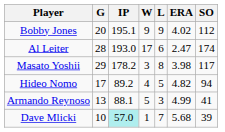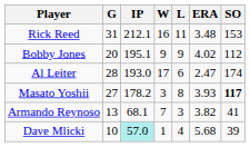 <table class="wikitable sortable">
 <tr>
 <th>Player</th>
 <th>G</th>
 <th>IP</th>
 <th>W</th>
 <th>L</th>
 <th>ERA</th>
 <th>SO</th>
+</tr>
+<tr align="center">
+<td><a href='#'>Rick Reed</a></td>
+<td>31</td>
+<td>212.1</td>
+<td>16</td>
+<td>11</td>
+<td>3.48</td>
+<td>153</td>
 </tr>
 <tr align=center>
 <td><a href='#'>Bobby Jones</a></td>
 <td>20</td>
 <td>195.1</td>
 <td>9</td>
 <td>9</td>
 <td>4.02</td>
 <td>112</td>
 </tr>
 <tr align=center>
 <td><a href='#'>Al Leiter</a></td>
 <td>28</td>
 <td>193.0</td>
 <td>17</td>
 <td>6</td>
 <td>2.47</td>
 <td>174</td>
 </tr>
 <tr align=center>
 <td><a href='#'>Masato Yoshii</a></td>
-<td>29</td>
+<td>27</td>
 <td>178.2</td>
 <td>3</td>
 <td>8</td>
-<td>3.98</td>
-<td>117</td>
-</tr>
-<tr align=center>
-<td><a href='#'>Hideo Nomo</a></td>
-<td>17</td>
-<td>89.2</td>
-<td>4</td>
-<td>5</td>
-<td>4.82</td>
-<td>94</td>
+<td>3.93</td>
+<td><strong>117</strong></td>
 </tr>
 <tr align=center>
 <td><a href='#'>Armando Reynoso</a></td>
 <td>13</td>
-<td>88.1</td>
-<td>5</td>
+<td>68.1</td>
+<td>7</td>
 <td>3</td>
-<td>4.99</td>
+<td>3.82</td>
 <td>41</td>
 </tr>
 <tr align=center>
 <td><a href='#'>Dave Mlicki</a></td>
 <td>10</td>
 <td style="background: paleturquoise;">57.0</td>
 <td>1</td>
-<td>7</td>
+<td>4</td>
 <td>5.68</td>
 <td>39</td>
 </tr>
 </table>
